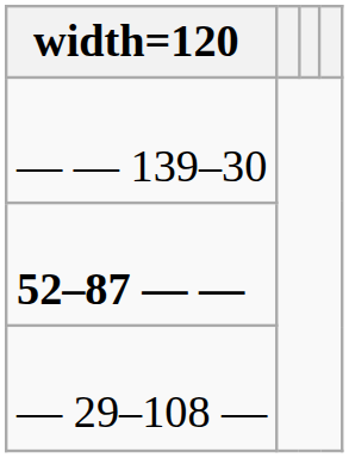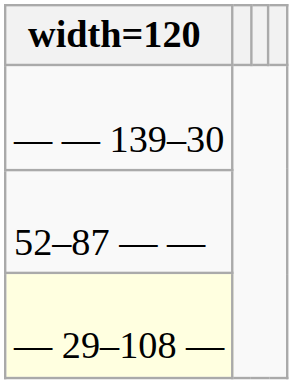 <table class="wikitable" style="text-align:center;">
 <tr>
 <th>width=120 </th>
 <th></th>
 <th></th>
 <th></th>
 </tr>
 <tr>
 <td style="text-align:left;"><br> —  —  139–30</td>
 </tr>
 <tr>
-<td style="text-align:left;"><strong><br> 52–87  —  —</strong></td>
+<td style="text-align:left;"><br> 52–87  —  —</td>
 </tr>
 <tr>
-<td style="text-align:left;"><br> —  29–108  —</td>
+<td style="background: lightyellow; text-align:left;"><br> —  29–108  —</td>
 </tr>
 </table>
